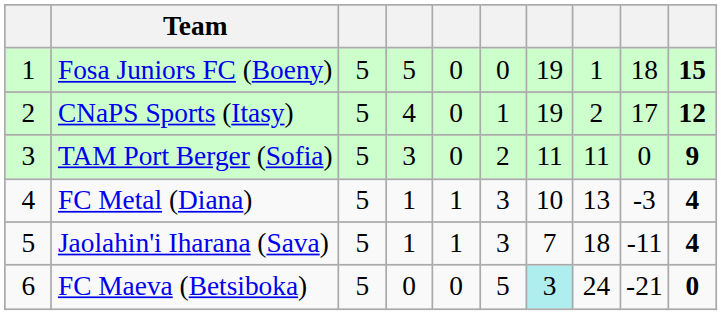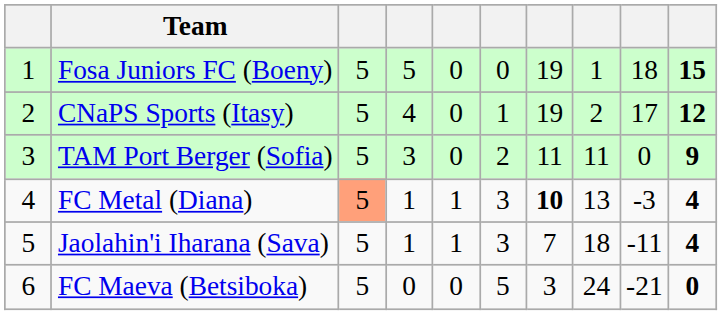 <table class="wikitable" style="text-align: center;">
 <tr>
 <th width=20></th>
 <th>Team</th>
 <th width=20></th>
 <th width=20></th>
 <th width=20></th>
 <th width=20></th>
 <th width=20></th>
 <th width=20></th>
 <th width=20></th>
 <th width=20></th>
 </tr>
 <tr bgcolor=#ccffcc>
 <td>1</td>
 <td align=left><a href='#'>Fosa Juniors FC</a> (<a href='#'>Boeny</a>)</td>
 <td>5</td>
 <td>5</td>
 <td>0</td>
 <td>0</td>
 <td>19</td>
 <td>1</td>
 <td>18</td>
 <td><strong>15</strong></td>
 </tr>
 <tr bgcolor=#ccffcc>
 <td>2</td>
 <td align=left><a href='#'>CNaPS Sports</a> (<a href='#'>Itasy</a>)</td>
 <td>5</td>
 <td>4</td>
 <td>0</td>
 <td>1</td>
 <td>19</td>
 <td>2</td>
 <td>17</td>
 <td><strong>12</strong></td>
 </tr>
 <tr bgcolor=#ccffcc>
 <td>3</td>
 <td align=left><a href='#'>TAM Port Berger</a> (<a href='#'>Sofia</a>)</td>
 <td>5</td>
 <td>3</td>
 <td>0</td>
 <td>2</td>
 <td>11</td>
 <td>11</td>
 <td>0</td>
 <td><strong>9</strong></td>
 </tr>
 <tr>
 <td>4</td>
 <td align=left><a href='#'>FC Metal</a> (<a href='#'>Diana</a>)</td>
-<td>5</td>
+<td style="background: lightsalmon;">5</td>
 <td>1</td>
 <td>1</td>
 <td>3</td>
-<td>10</td>
+<td><strong>10</strong></td>
 <td>13</td>
 <td>-3</td>
 <td><strong>4</strong></td>
 </tr>
 <tr>
 <td>5</td>
 <td align=left><a href='#'>Jaolahin'i Iharana</a> (<a href='#'>Sava</a>)</td>
 <td>5</td>
 <td>1</td>
 <td>1</td>
 <td>3</td>
 <td>7</td>
 <td>18</td>
 <td>-11</td>
 <td><strong>4</strong></td>
 </tr>
 <tr>
 <td>6</td>
 <td align=left><a href='#'>FC Maeva</a> (<a href='#'>Betsiboka</a>)</td>
 <td>5</td>
 <td>0</td>
 <td>0</td>
 <td>5</td>
-<td style="background: paleturquoise;">3</td>
+<td>3</td>
 <td>24</td>
 <td>-21</td>
 <td><strong>0</strong></td>
 </tr>
 </table>
